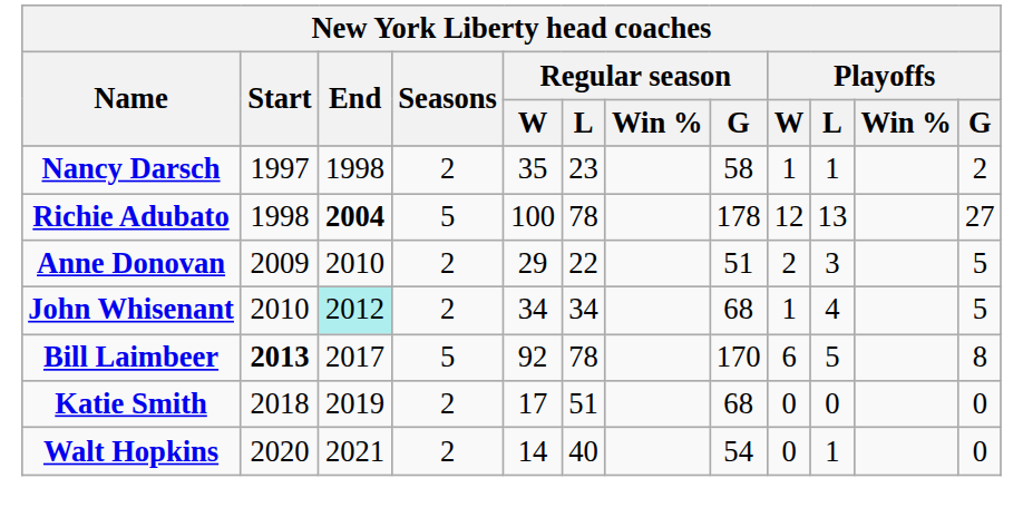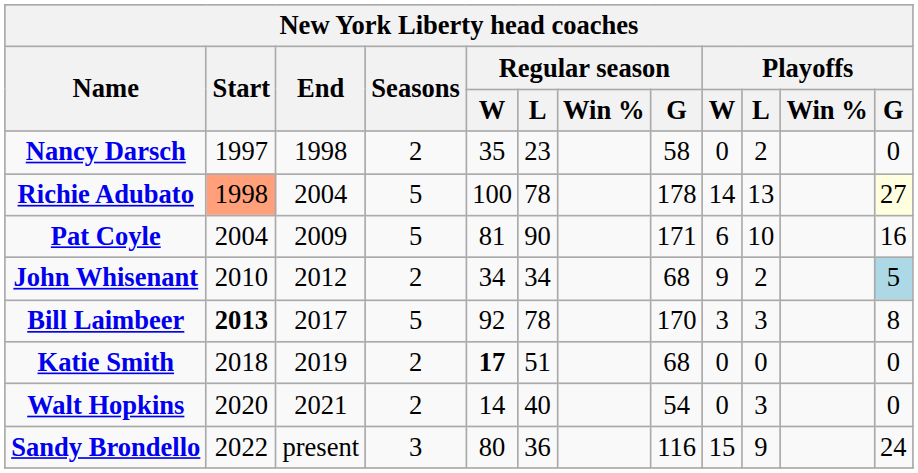 <table class="wikitable" style="clear:both; margin:1.5em auto; text-align:center;">
 <tr>
 <th colspan=12>New York Liberty head coaches</th>
 </tr>
 <tr>
 <th rowspan="2">Name</th>
 <th rowspan="2">Start</th>
 <th rowspan="2">End</th>
 <th rowspan="2">Seasons</th>
 <th colspan="4">Regular season</th>
 <th colspan="4">Playoffs</th>
 </tr>
 <tr>
 <th>W</th>
 <th>L</th>
 <th>Win %</th>
 <th>G</th>
 <th>W</th>
 <th>L</th>
 <th>Win %</th>
 <th>G</th>
 </tr>
 <tr>
 <td><strong><a href='#'>Nancy Darsch</a></strong></td>
 <td>1997</td>
 <td>1998</td>
 <td>2</td>
 <td>35</td>
 <td>23</td>
 <td></td>
 <td>58</td>
-<td>1</td>
-<td>1</td>
+<td>0</td>
+<td>2</td>
 <td></td>
-<td>2</td>
+<td>0</td>
 </tr>
 <tr>
 <td><strong><a href='#'>Richie Adubato</a></strong></td>
-<td>1998</td>
-<td><strong>2004</strong></td>
+<td style="background: lightsalmon;">1998</td>
+<td>2004</td>
 <td>5</td>
 <td>100</td>
 <td>78</td>
 <td></td>
 <td>178</td>
-<td>12</td>
+<td>14</td>
 <td>13</td>
 <td></td>
-<td>27</td>
+<td style="background: lightyellow;">27</td>
 </tr>
 <tr>
-<td><strong><a href='#'>Anne Donovan</a></strong></td>
+<td><strong><a href='#'>Pat Coyle</a></strong></td>
+<td>2004</td>
 <td>2009</td>
-<td>2010</td>
-<td>2</td>
-<td>29</td>
-<td>22</td>
+<td>5</td>
+<td>81</td>
+<td>90</td>
 <td></td>
-<td>51</td>
-<td>2</td>
-<td>3</td>
+<td>171</td>
+<td>6</td>
+<td>10</td>
 <td></td>
-<td>5</td>
+<td>16</td>
 </tr>
 <tr>
 <td><strong><a href='#'>John Whisenant</a></strong></td>
 <td>2010</td>
-<td style="background: paleturquoise;">2012</td>
+<td>2012</td>
 <td>2</td>
 <td>34</td>
 <td>34</td>
 <td></td>
 <td>68</td>
-<td>1</td>
-<td>4</td>
+<td>9</td>
+<td>2</td>
 <td></td>
-<td>5</td>
+<td style="background: lightblue;">5</td>
 </tr>
 <tr>
 <td><strong><a href='#'>Bill Laimbeer</a></strong></td>
 <td><strong>2013</strong></td>
 <td>2017</td>
 <td>5</td>
 <td>92</td>
 <td>78</td>
 <td></td>
 <td>170</td>
-<td>6</td>
-<td>5</td>
+<td>3</td>
+<td>3</td>
 <td></td>
 <td>8</td>
 </tr>
 <tr>
 <td><strong><a href='#'>Katie Smith</a></strong></td>
 <td>2018</td>
 <td>2019</td>
 <td>2</td>
-<td>17</td>
+<td><strong>17</strong></td>
 <td>51</td>
 <td></td>
 <td>68</td>
 <td>0</td>
 <td>0</td>
 <td></td>
 <td>0</td>
 </tr>
 <tr>
 <td><strong><a href='#'>Walt Hopkins</a></strong></td>
 <td>2020</td>
 <td>2021</td>
 <td>2</td>
 <td>14</td>
 <td>40</td>
 <td></td>
 <td>54</td>
 <td>0</td>
-<td>1</td>
+<td>3</td>
 <td></td>
 <td>0</td>
 </tr>
+<tr>
+<td><strong><a href='#'>Sandy Brondello</a></strong></td>
+<td>2022</td>
+<td>present</td>
+<td>3</td>
+<td>80</td>
+<td>36</td>
+<td></td>
+<td>116</td>
+<td>15</td>
+<td>9</td>
+<td></td>
+<td>24</td>
+</tr>
 </table>
